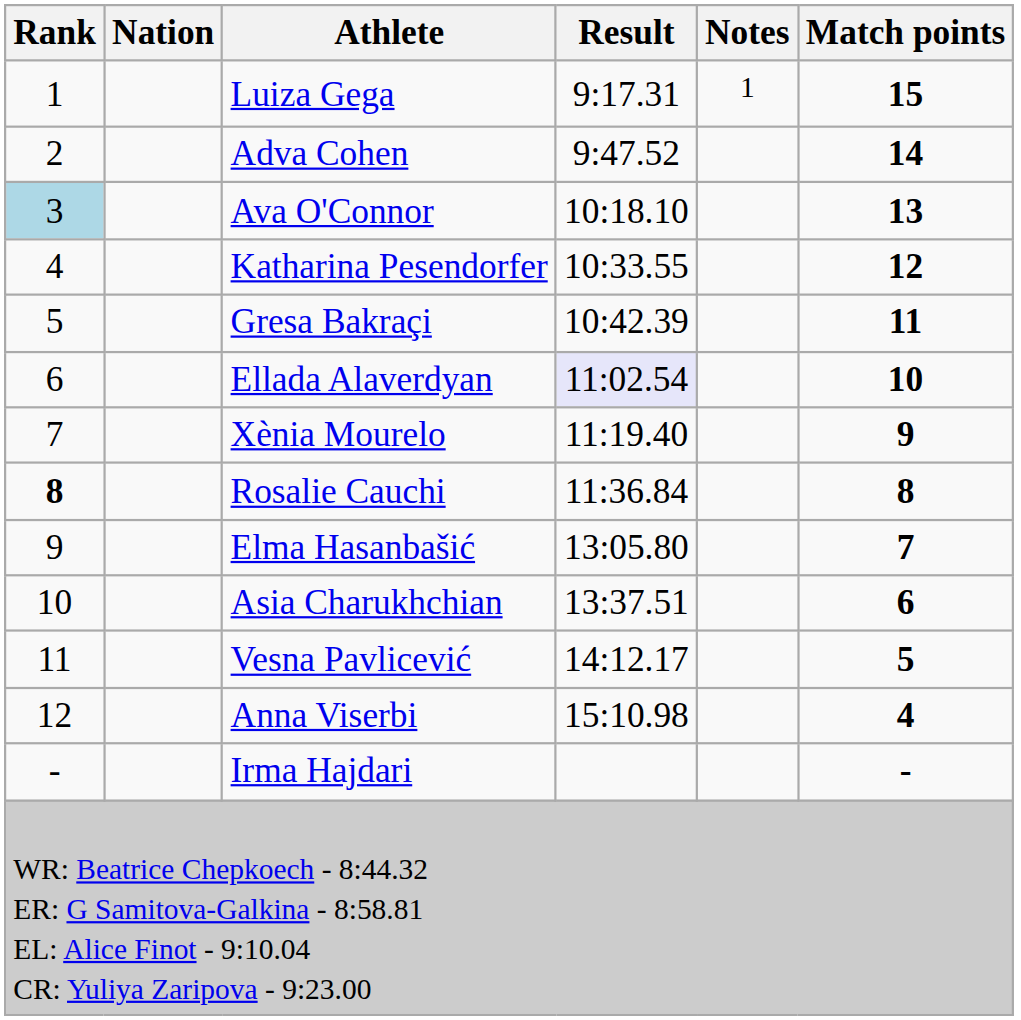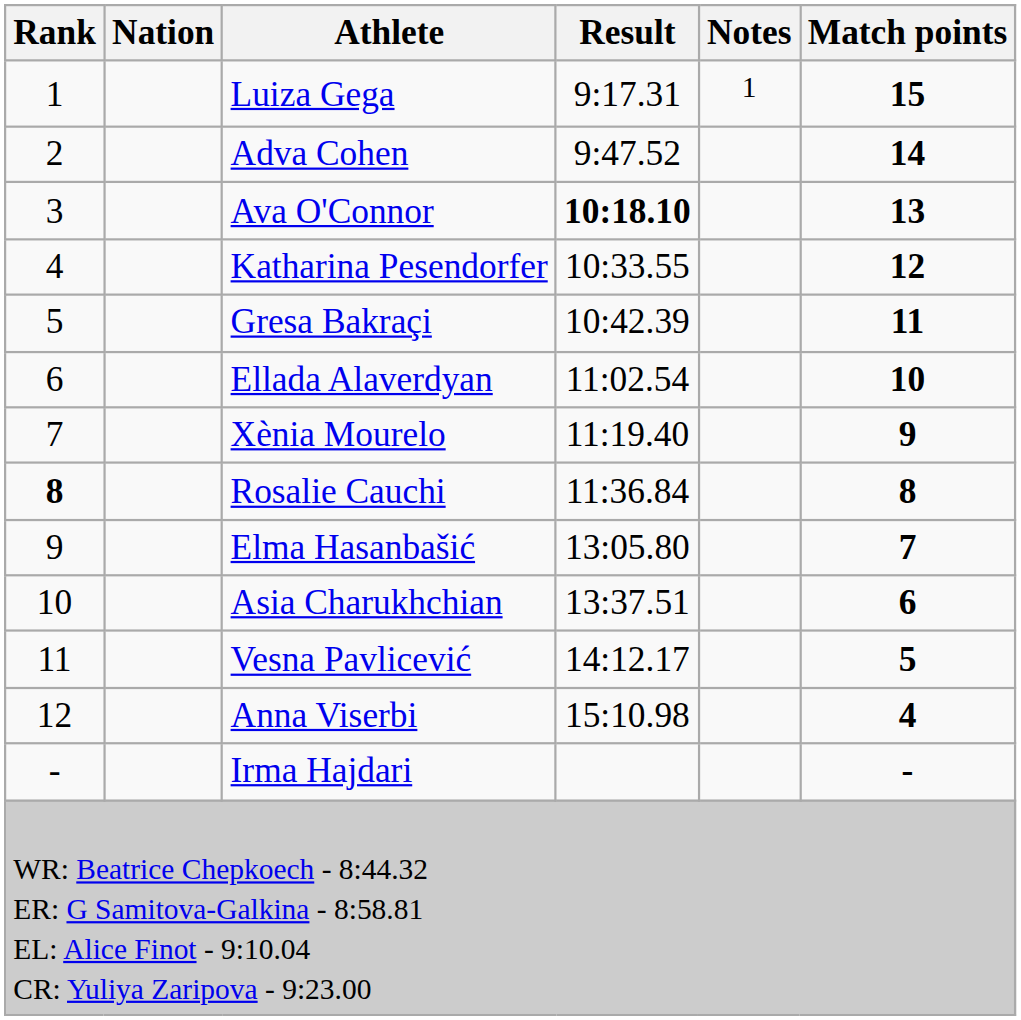 <table class="wikitable sortable" style="text-align:left;">
 <tr>
 <th>Rank</th>
 <th>Nation</th>
 <th>Athlete</th>
 <th>Result</th>
 <th>Notes</th>
 <th>Match points</th>
 </tr>
 <tr>
 <td align=center>1</td>
 <td></td>
 <td><a href='#'>Luiza Gega</a></td>
 <td align=center>9:17.31</td>
 <td align=center><sup>1</sup></td>
 <td align="center"><strong>15</strong></td>
 </tr>
 <tr>
 <td align=center>2</td>
 <td></td>
 <td><a href='#'>Adva Cohen</a></td>
 <td align=center>9:47.52</td>
 <td></td>
 <td align=center><strong>14</strong></td>
 </tr>
 <tr>
-<td align=center style="background: lightblue;">3</td>
+<td align=center>3</td>
 <td></td>
 <td><a href='#'>Ava O'Connor</a></td>
-<td align=center>10:18.10</td>
+<td align=center><strong>10:18.10</strong></td>
 <td></td>
 <td align=center><strong>13</strong></td>
 </tr>
 <tr>
 <td align=center>4</td>
 <td></td>
 <td><a href='#'>Katharina Pesendorfer</a></td>
 <td align=center>10:33.55</td>
 <td></td>
 <td align=center><strong>12</strong></td>
 </tr>
 <tr>
 <td align=center>5</td>
 <td></td>
 <td><a href='#'>Gresa Bakraçi</a></td>
 <td align=center>10:42.39</td>
 <td align=center></td>
 <td align=center><strong>11</strong></td>
 </tr>
 <tr>
 <td align=center>6</td>
 <td></td>
 <td><a href='#'>Ellada Alaverdyan</a></td>
-<td align=center style="background: lavender;">11:02.54</td>
+<td align=center>11:02.54</td>
 <td align=center></td>
 <td align=center><strong>10</strong></td>
 </tr>
 <tr>
 <td align=center>7</td>
 <td></td>
 <td><a href='#'>Xènia Mourelo</a></td>
 <td align=center>11:19.40</td>
 <td align=center></td>
 <td align=center><strong>9</strong></td>
 </tr>
 <tr>
 <td align=center><strong>8</strong></td>
 <td></td>
 <td><a href='#'>Rosalie Cauchi</a></td>
 <td align=center>11:36.84</td>
 <td align=center></td>
 <td align=center><strong>8</strong></td>
 </tr>
 <tr>
 <td align=center>9</td>
 <td></td>
 <td><a href='#'>Elma Hasanbašić</a></td>
 <td align=center>13:05.80</td>
 <td align=center></td>
 <td align=center><strong>7</strong></td>
 </tr>
 <tr>
 <td align=center>10</td>
 <td></td>
 <td><a href='#'>Asia Charukhchian</a></td>
 <td align=center>13:37.51</td>
 <td align=center></td>
 <td align=center><strong>6</strong></td>
 </tr>
 <tr>
 <td align=center>11</td>
 <td></td>
 <td><a href='#'>Vesna Pavlicević</a></td>
 <td align=center>14:12.17</td>
 <td align=center></td>
 <td align=center><strong>5</strong></td>
 </tr>
 <tr>
 <td align=center>12</td>
 <td></td>
 <td><a href='#'>Anna Viserbi</a></td>
 <td align=center>15:10.98</td>
 <td align=center></td>
 <td align=center><strong>4</strong></td>
 </tr>
 <tr>
 <td align=center>-</td>
 <td></td>
 <td><a href='#'>Irma Hajdari</a></td>
 <td align=center></td>
 <td></td>
 <td align=center><strong>-</strong></td>
 </tr>
 <tr>
 <td colspan="6" bgcolor="#cccccc"><br> <small>WR:   <a href='#'>Beatrice Chepkoech</a> - 8:44.32<br>ER:  <a href='#'>G Samitova-Galkina</a> - 8:58.81<br></small> <small>EL:   <a href='#'>Alice Finot</a> - 9:10.04<br>CR:  <a href='#'>Yuliya Zaripova</a> - 9:23.00</small></td>
 </tr>
 </table>
